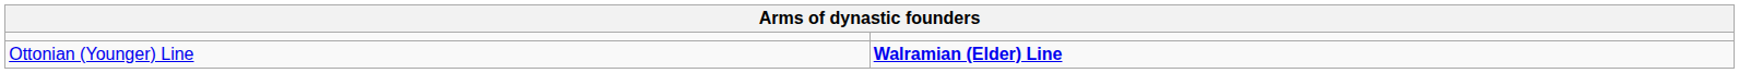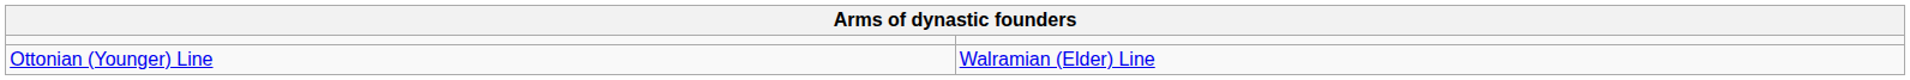 <table class="wikitable" width="100%">
 <tr>
 <th align=center colspan=2>Arms of dynastic founders</th>
 </tr>
 <tr>
 <td align=center width="50%"></td>
 <td align=center width="50%"></td>
 </tr>
 <tr>
 <td><a href='#'>Ottonian (Younger) Line</a></td>
-<td><strong><a href='#'>Walramian (Elder) Line</a></strong></td>
+<td><a href='#'>Walramian (Elder) Line</a></td>
 </tr>
 </table>
